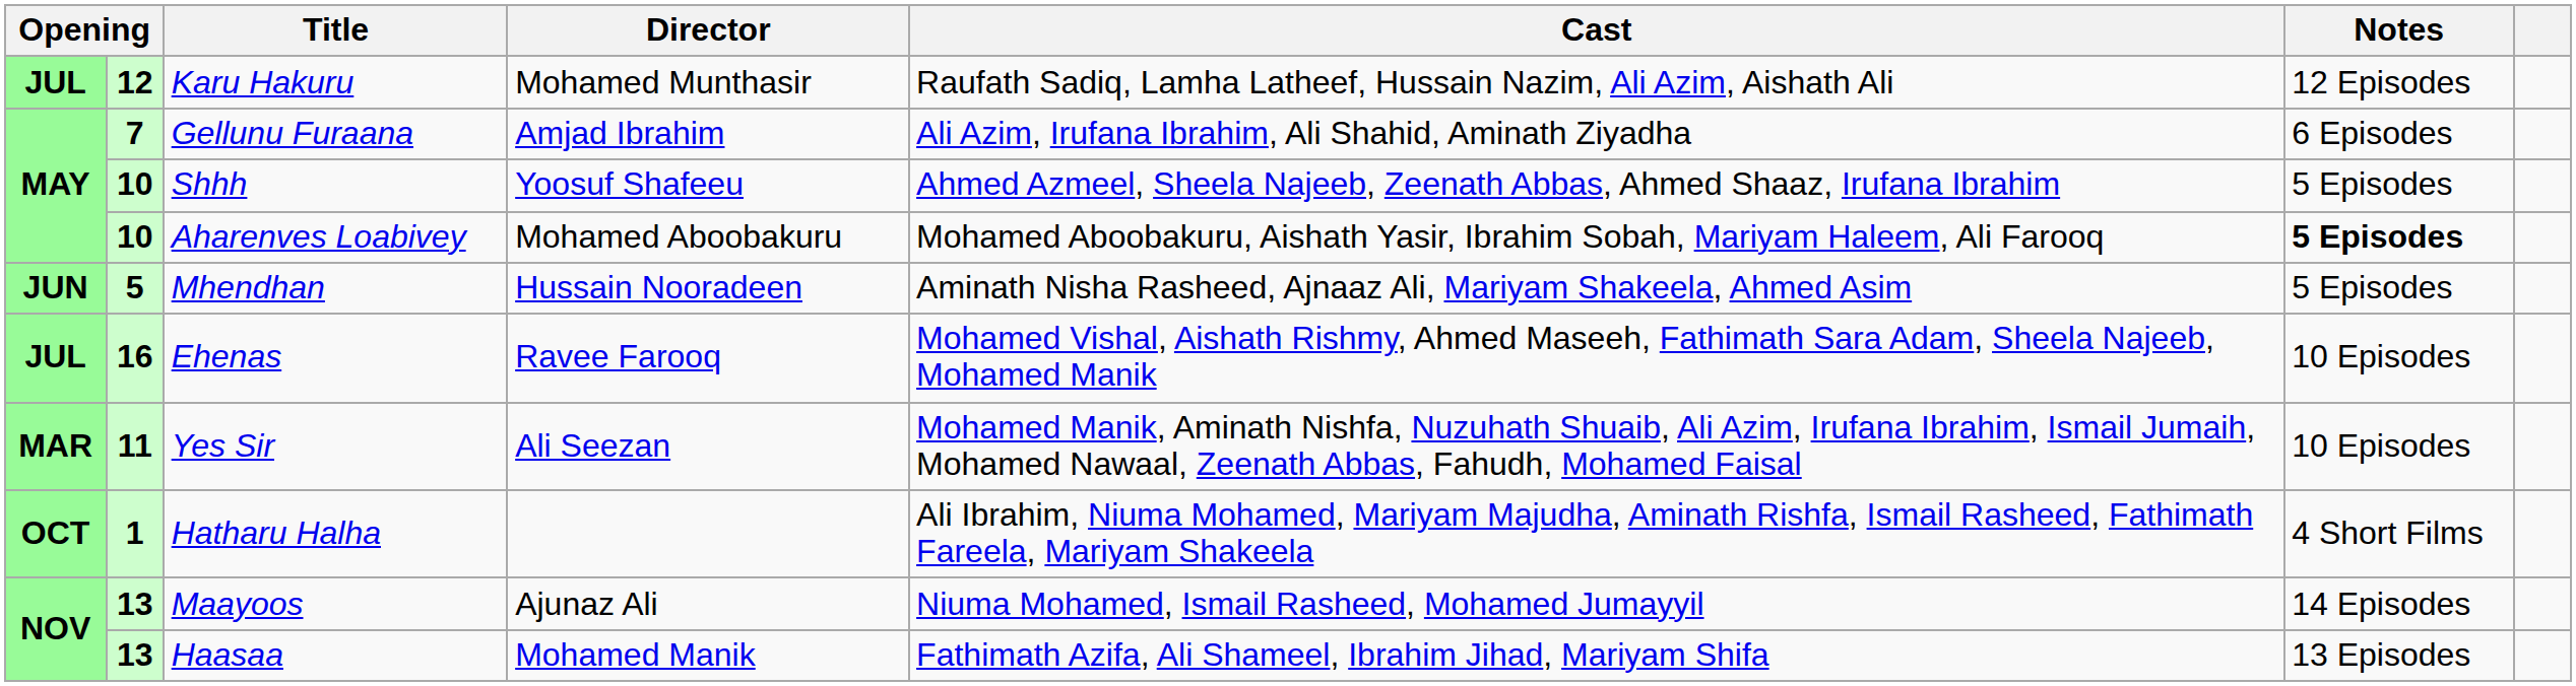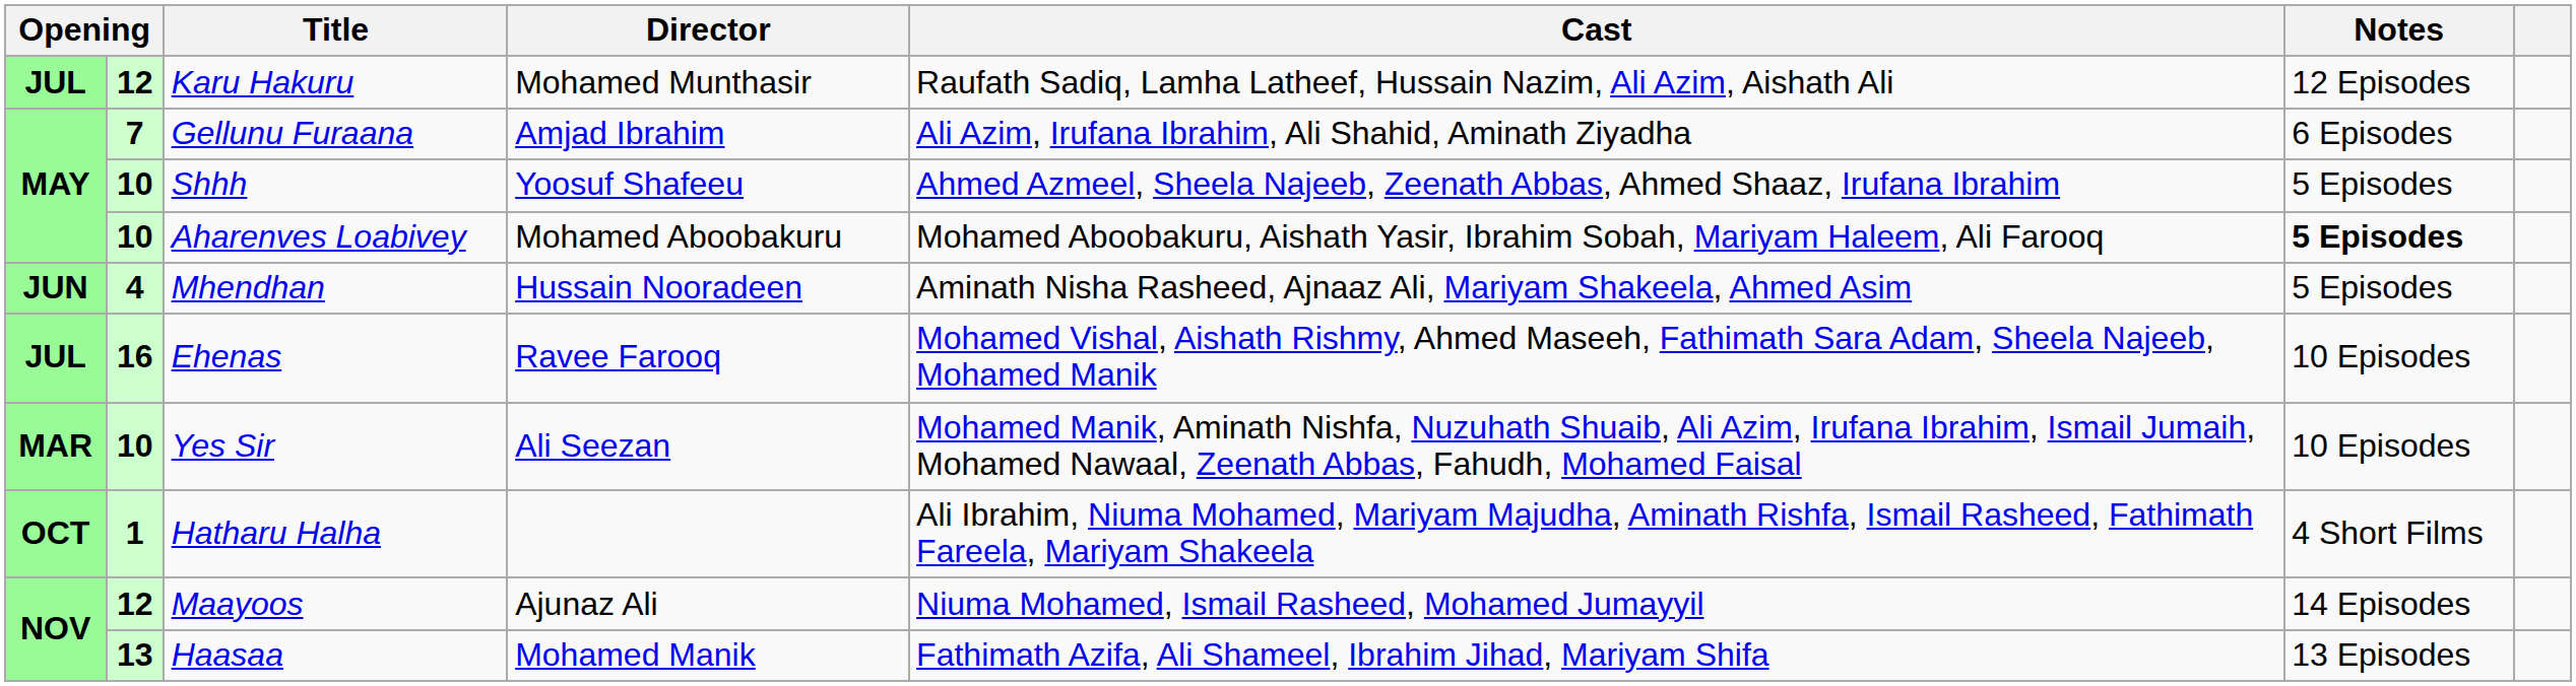 <table class="wikitable plainrowheaders" width="100%">
 <tr>
 <th scope="col" colspan="2" width=4%>Opening</th>
 <th scope="col" width=12%>Title</th>
 <th scope="col" width=14%>Director</th>
 <th scope="col" width=48%>Cast</th>
 <th scope="col" width=8%>Notes</th>
 <th scope="col" width=2%></th>
 </tr>
 <tr>
 <td style="text-align:center; background:#98fb98; textcolor:#000;"><strong>JUL</strong></td>
 <td style="text-align:center; textcolor:#000; background:#cdfecd;"><strong>12</strong></td>
 <td><em><a href='#'>Karu Hakuru</a></em></td>
 <td>Mohamed Munthasir</td>
 <td>Raufath Sadiq, Lamha Latheef, Hussain Nazim, <a href='#'>Ali Azim</a>, Aishath Ali</td>
 <td>12 Episodes</td>
 <td style="text-align:center;"></td>
 </tr>
 <tr>
 <td style="text-align:center; background:#98fb98; textcolor:#000;" rowspan="3"><strong>MAY</strong></td>
 <td style="text-align:center; textcolor:#000; background:#cdfecd;"><strong>7</strong></td>
 <td><em><a href='#'>Gellunu Furaana</a></em></td>
 <td><a href='#'>Amjad Ibrahim</a></td>
 <td><a href='#'>Ali Azim</a>, <a href='#'>Irufana Ibrahim</a>, Ali Shahid, Aminath Ziyadha</td>
 <td>6 Episodes</td>
 <td style="text-align:center;"></td>
 </tr>
 <tr>
 <td style="text-align:center; textcolor:#000; background:#cdfecd;"><strong>10</strong></td>
 <td><em><a href='#'>Shhh</a></em></td>
 <td><a href='#'>Yoosuf Shafeeu</a></td>
 <td><a href='#'>Ahmed Azmeel</a>, <a href='#'>Sheela Najeeb</a>, <a href='#'>Zeenath Abbas</a>, Ahmed Shaaz, <a href='#'>Irufana Ibrahim</a></td>
 <td>5 Episodes</td>
 <td style="text-align:center;"></td>
 </tr>
 <tr>
 <td style="text-align:center; textcolor:#000; background:#cdfecd;"><strong>10</strong></td>
 <td><em><a href='#'>Aharenves Loabivey</a></em></td>
 <td>Mohamed Aboobakuru</td>
 <td>Mohamed Aboobakuru, Aishath Yasir, Ibrahim Sobah, <a href='#'>Mariyam Haleem</a>, Ali Farooq</td>
 <td><strong>5 Episodes</strong></td>
 <td style="text-align:center;"></td>
 </tr>
 <tr>
 <td style="text-align:center; background:#98fb98; textcolor:#000;"><strong>JUN</strong></td>
-<td style="text-align:center; textcolor:#000; background:#cdfecd;"><strong>5</strong></td>
+<td style="text-align:center; textcolor:#000; background:#cdfecd;"><strong>4</strong></td>
 <td><em><a href='#'>Mhendhan</a></em></td>
 <td><a href='#'>Hussain Nooradeen</a></td>
 <td>Aminath Nisha Rasheed, Ajnaaz Ali, <a href='#'>Mariyam Shakeela</a>, <a href='#'>Ahmed Asim</a></td>
 <td>5 Episodes</td>
 <td style="text-align:center;"></td>
 </tr>
 <tr>
 <td style="text-align:center; background:#98fb98; textcolor:#000;"><strong>JUL</strong></td>
 <td style="text-align:center; textcolor:#000; background:#cdfecd;"><strong>16</strong></td>
 <td><em><a href='#'>Ehenas</a></em></td>
 <td><a href='#'>Ravee Farooq</a></td>
 <td><a href='#'>Mohamed Vishal</a>, <a href='#'>Aishath Rishmy</a>, Ahmed Maseeh, <a href='#'>Fathimath Sara Adam</a>, <a href='#'>Sheela Najeeb</a>, <a href='#'>Mohamed Manik</a></td>
 <td>10 Episodes</td>
 <td style="text-align:center;"></td>
 </tr>
 <tr>
 <td style="text-align:center; background:#98fb98; textcolor:#000;"><strong>MAR</strong></td>
-<td style="text-align:center; textcolor:#000; background:#cdfecd;"><strong>11</strong></td>
+<td style="text-align:center; textcolor:#000; background:#cdfecd;"><strong>10</strong></td>
 <td><em><a href='#'>Yes Sir</a></em></td>
 <td><a href='#'>Ali Seezan</a></td>
 <td><a href='#'>Mohamed Manik</a>, Aminath Nishfa, <a href='#'>Nuzuhath Shuaib</a>, <a href='#'>Ali Azim</a>, <a href='#'>Irufana Ibrahim</a>, <a href='#'>Ismail Jumaih</a>, Mohamed Nawaal, <a href='#'>Zeenath Abbas</a>, Fahudh, <a href='#'>Mohamed Faisal</a></td>
 <td>10 Episodes</td>
 <td style="text-align:center;"></td>
 </tr>
 <tr>
 <td style="text-align:center; background:#98fb98; textcolor:#000;"><strong>OCT</strong></td>
 <td style="text-align:center; textcolor:#000; background:#cdfecd;"><strong>1</strong></td>
 <td><em><a href='#'>Hatharu Halha</a></em></td>
 <td></td>
 <td>Ali Ibrahim, <a href='#'>Niuma Mohamed</a>, <a href='#'>Mariyam Majudha</a>, <a href='#'>Aminath Rishfa</a>, <a href='#'>Ismail Rasheed</a>, <a href='#'>Fathimath Fareela</a>, <a href='#'>Mariyam Shakeela</a></td>
 <td>4 Short Films</td>
 <td style="text-align:center;"></td>
 </tr>
 <tr>
 <td rowspan="2" style="text-align:center; background:#98fb98; textcolor:#000;"><strong>NOV</strong></td>
-<td style="text-align:center; textcolor:#000; background:#cdfecd;"><strong>13</strong></td>
+<td style="text-align:center; textcolor:#000; background:#cdfecd;"><strong>12</strong></td>
 <td><em><a href='#'>Maayoos</a></em></td>
 <td>Ajunaz Ali</td>
 <td><a href='#'>Niuma Mohamed</a>, <a href='#'>Ismail Rasheed</a>, <a href='#'>Mohamed Jumayyil</a></td>
 <td>14 Episodes</td>
 <td style="text-align:center;"></td>
 </tr>
 <tr>
 <td style="text-align:center; textcolor:#000; background:#cdfecd;"><strong>13</strong></td>
 <td><em><a href='#'>Haasaa</a></em></td>
 <td><a href='#'>Mohamed Manik</a></td>
 <td><a href='#'>Fathimath Azifa</a>, <a href='#'>Ali Shameel</a>, <a href='#'>Ibrahim Jihad</a>, <a href='#'>Mariyam Shifa</a></td>
 <td>13 Episodes</td>
 <td style="text-align:center;"></td>
 </tr>
 <tr>
 </tr>
 </table>
